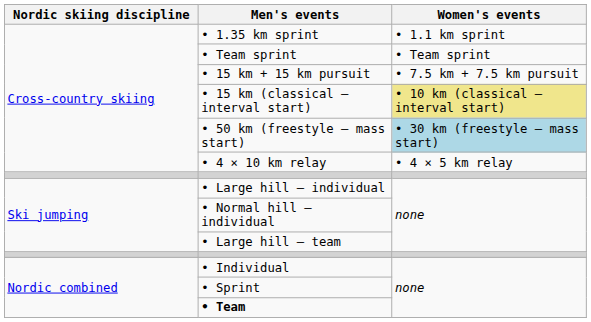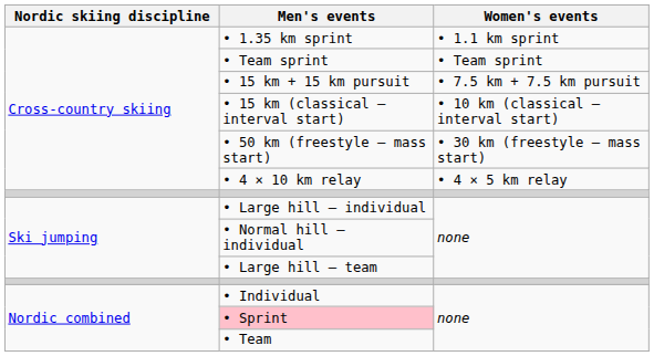 <table class="wikitable">
 <tr>
 <th width=200!>Nordic skiing discipline</th>
 <th width=200!>Men's events</th>
 <th width=200!>Women's events</th>
 </tr>
 <tr>
 <td rowspan=6><a href='#'>Cross-country skiing</a></td>
 <td>• 1.35 km sprint</td>
 <td>• 1.1 km sprint</td>
 </tr>
 <tr>
 <td>• Team sprint</td>
 <td>• Team sprint</td>
 </tr>
 <tr>
 <td>• 15 km + 15 km pursuit</td>
 <td>• 7.5 km + 7.5 km pursuit</td>
 </tr>
 <tr>
 <td>• 15 km (classical – interval start)</td>
-<td style="background: khaki;">• 10 km (classical – interval start)</td>
+<td>• 10 km (classical – interval start)</td>
 </tr>
 <tr>
 <td>• 50 km (freestyle – mass start)</td>
-<td style="background: lightblue;">• 30 km (freestyle – mass start)</td>
+<td>• 30 km (freestyle – mass start)</td>
 </tr>
 <tr>
 <td>• 4 × 10 km relay</td>
 <td>• 4 × 5 km relay</td>
 </tr>
 <tr bgcolor=lightgray>
 <td></td>
 <td></td>
 <td></td>
 </tr>
 <tr>
 <td rowspan=3><a href='#'>Ski jumping</a></td>
 <td>• Large hill – individual</td>
 <td rowspan=3><em>none</em></td>
 </tr>
 <tr>
 <td>• Normal hill – individual</td>
 </tr>
 <tr>
 <td>• Large hill – team</td>
 </tr>
 <tr bgcolor=lightgray>
 <td></td>
 <td></td>
 <td></td>
 </tr>
 <tr>
 <td rowspan=3><a href='#'>Nordic combined</a></td>
 <td>• Individual</td>
 <td rowspan=3><em>none</em></td>
 </tr>
 <tr>
-<td>• Sprint</td>
+<td style="background: pink;">• Sprint</td>
 </tr>
 <tr>
-<td><strong>• Team</strong></td>
+<td>• Team</td>
 </tr>
 </table>
